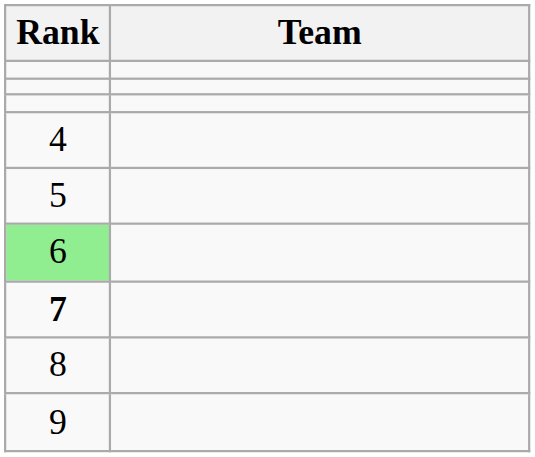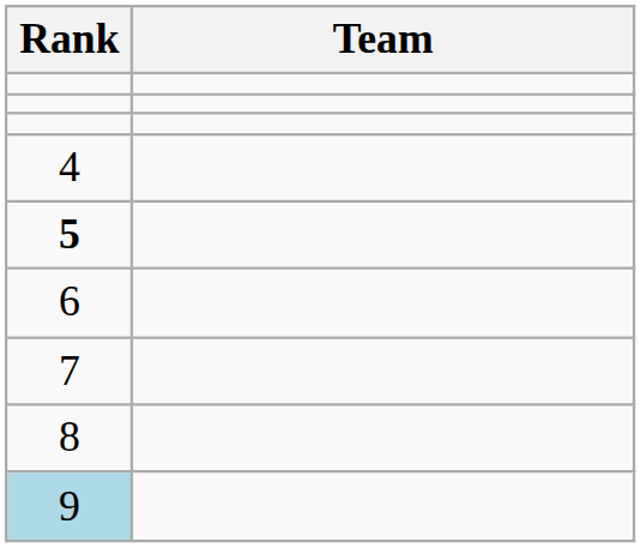 <table class="wikitable" style="text-align: center;">
 <tr>
 <th width=40>Rank</th>
 <th width=180>Team</th>
 </tr>
 <tr align=center>
 <td></td>
 <td style="text-align:left;"></td>
 </tr>
 <tr align=center>
 <td></td>
 <td style="text-align:left;"></td>
 </tr>
 <tr align=center>
 <td></td>
 <td style="text-align:left;"></td>
 </tr>
 <tr align=center>
 <td>4</td>
 <td style="text-align:left;"></td>
 </tr>
 <tr align=center>
-<td>5</td>
+<td><strong>5</strong></td>
 <td style="text-align:left;"></td>
 </tr>
 <tr align=center>
-<td style="background: lightgreen;">6</td>
+<td>6</td>
 <td style="text-align:left;"></td>
 </tr>
 <tr align=center>
-<td><strong>7</strong></td>
+<td>7</td>
 <td style="text-align:left;"></td>
 </tr>
 <tr align=center>
 <td>8</td>
 <td style="text-align:left;"></td>
 </tr>
 <tr align=center>
-<td>9</td>
+<td style="background: lightblue;">9</td>
 <td style="text-align:left;"></td>
 </tr>
 </table>
